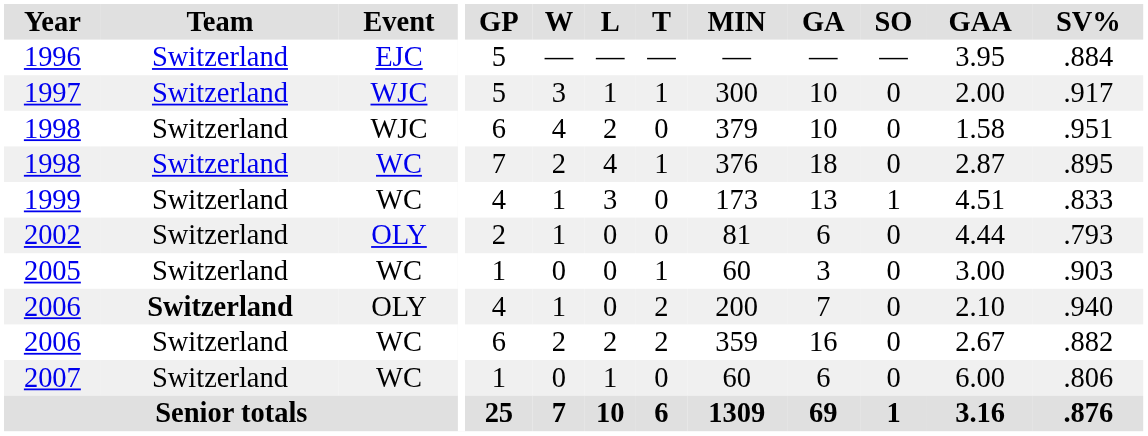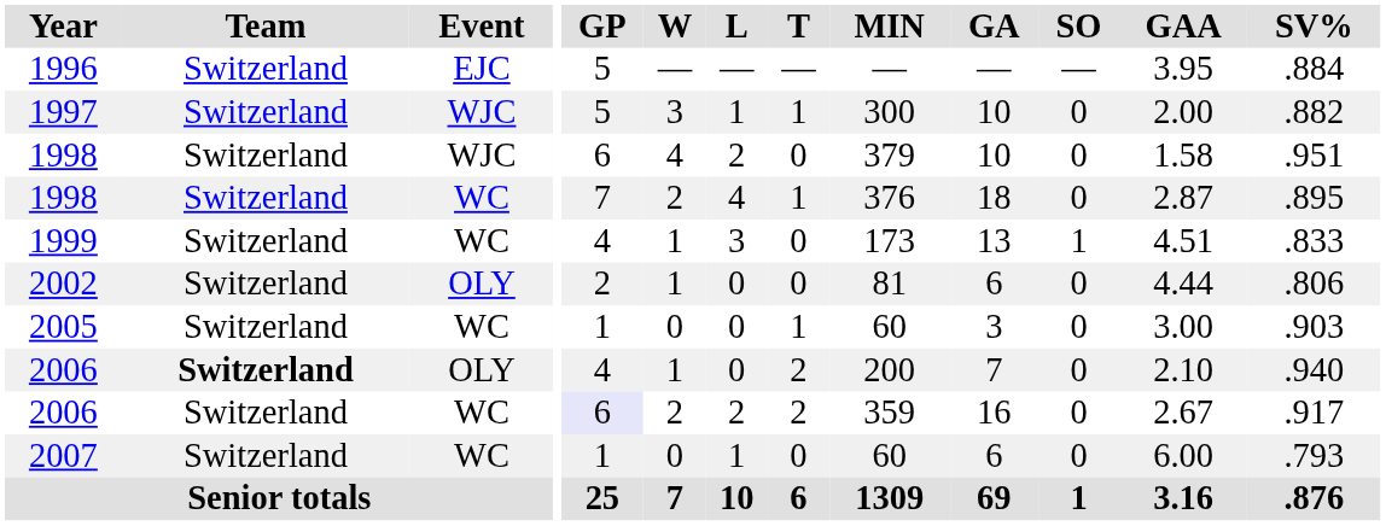 <table border="0" cellpadding="1" cellspacing="0" ID="Table3" style="text-align:center; width:40em">
 <tr ALIGN="center" bgcolor="#e0e0e0">
 <th>Year</th>
 <th>Team</th>
 <th>Event</th>
 <th rowspan="99" bgcolor="#ffffff"></th>
 <th>GP</th>
 <th>W</th>
 <th>L</th>
 <th>T</th>
 <th>MIN</th>
 <th>GA</th>
 <th>SO</th>
 <th>GAA</th>
 <th>SV%</th>
 </tr>
 <tr>
 <td><a href='#'>1996</a></td>
 <td><a href='#'>Switzerland</a></td>
 <td><a href='#'>EJC</a></td>
 <td>5</td>
 <td>—</td>
 <td>—</td>
 <td>—</td>
 <td>—</td>
 <td>—</td>
 <td>—</td>
 <td>3.95</td>
 <td>.884</td>
 </tr>
 <tr bgcolor="#f0f0f0">
 <td><a href='#'>1997</a></td>
 <td><a href='#'>Switzerland</a></td>
 <td><a href='#'>WJC</a></td>
 <td>5</td>
 <td>3</td>
 <td>1</td>
 <td>1</td>
 <td>300</td>
 <td>10</td>
 <td>0</td>
 <td>2.00</td>
-<td>.917</td>
+<td>.882</td>
 </tr>
 <tr>
 <td><a href='#'>1998</a></td>
 <td>Switzerland</td>
 <td>WJC</td>
 <td>6</td>
 <td>4</td>
 <td>2</td>
 <td>0</td>
 <td>379</td>
 <td>10</td>
 <td>0</td>
 <td>1.58</td>
 <td>.951</td>
 </tr>
 <tr bgcolor="#f0f0f0">
 <td><a href='#'>1998</a></td>
 <td><a href='#'>Switzerland</a></td>
 <td><a href='#'>WC</a></td>
 <td>7</td>
 <td>2</td>
 <td>4</td>
 <td>1</td>
 <td>376</td>
 <td>18</td>
 <td>0</td>
 <td>2.87</td>
 <td>.895</td>
 </tr>
 <tr>
 <td><a href='#'>1999</a></td>
 <td>Switzerland</td>
 <td>WC</td>
 <td>4</td>
 <td>1</td>
 <td>3</td>
 <td>0</td>
 <td>173</td>
 <td>13</td>
 <td>1</td>
 <td>4.51</td>
 <td>.833</td>
 </tr>
 <tr bgcolor="#f0f0f0">
 <td><a href='#'>2002</a></td>
 <td>Switzerland</td>
 <td><a href='#'>OLY</a></td>
 <td>2</td>
 <td>1</td>
 <td>0</td>
 <td>0</td>
 <td>81</td>
 <td>6</td>
 <td>0</td>
 <td>4.44</td>
-<td>.793</td>
+<td>.806</td>
 </tr>
 <tr>
 <td><a href='#'>2005</a></td>
 <td>Switzerland</td>
 <td>WC</td>
 <td>1</td>
 <td>0</td>
 <td>0</td>
 <td>1</td>
 <td>60</td>
 <td>3</td>
 <td>0</td>
 <td>3.00</td>
 <td>.903</td>
 </tr>
 <tr bgcolor="#f0f0f0">
 <td><a href='#'>2006</a></td>
 <td><strong>Switzerland</strong></td>
 <td>OLY</td>
 <td>4</td>
 <td>1</td>
 <td>0</td>
 <td>2</td>
 <td>200</td>
 <td>7</td>
 <td>0</td>
 <td>2.10</td>
 <td>.940</td>
 </tr>
 <tr>
 <td><a href='#'>2006</a></td>
 <td>Switzerland</td>
 <td>WC</td>
-<td>6</td>
+<td style="background: lavender;">6</td>
 <td>2</td>
 <td>2</td>
 <td>2</td>
 <td>359</td>
 <td>16</td>
 <td>0</td>
 <td>2.67</td>
-<td>.882</td>
+<td>.917</td>
 </tr>
 <tr bgcolor="#f0f0f0">
 <td><a href='#'>2007</a></td>
 <td>Switzerland</td>
 <td>WC</td>
 <td>1</td>
 <td>0</td>
 <td>1</td>
 <td>0</td>
 <td>60</td>
 <td>6</td>
 <td>0</td>
 <td>6.00</td>
-<td>.806</td>
+<td>.793</td>
 </tr>
 <tr bgcolor="#e0e0e0">
 <th colspan=3>Senior totals</th>
 <th>25</th>
 <th>7</th>
 <th>10</th>
 <th>6</th>
 <th>1309</th>
 <th>69</th>
 <th>1</th>
 <th>3.16</th>
 <th>.876</th>
 </tr>
 </table>
